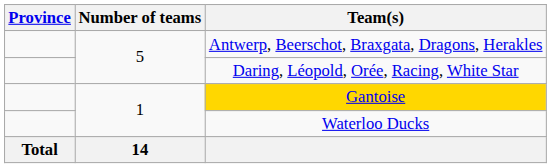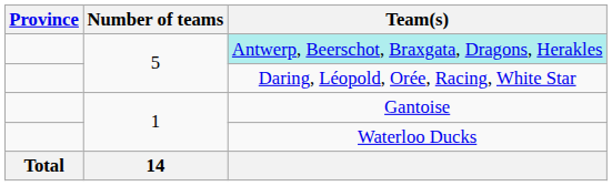 <table class="wikitable" style="text-align:center">
 <tr>
 <th><a href='#'>Province</a></th>
 <th>Number of teams</th>
 <th>Team(s)</th>
 </tr>
 <tr>
 <td align="left"></td>
 <td rowspan=2>5</td>
-<td><a href='#'>Antwerp</a>, <a href='#'>Beerschot</a>, <a href='#'>Braxgata</a>, <a href='#'>Dragons</a>, <a href='#'>Herakles</a></td>
+<td style="background: paleturquoise;"><a href='#'>Antwerp</a>, <a href='#'>Beerschot</a>, <a href='#'>Braxgata</a>, <a href='#'>Dragons</a>, <a href='#'>Herakles</a></td>
 </tr>
 <tr>
 <td align="left"></td>
 <td><a href='#'>Daring</a>, <a href='#'>Léopold</a>, <a href='#'>Orée</a>, <a href='#'>Racing</a>, <a href='#'>White Star</a></td>
 </tr>
 <tr>
 <td align="left"></td>
 <td rowspan=2>1</td>
-<td style="background: gold;"><a href='#'>Gantoise</a></td>
+<td><a href='#'>Gantoise</a></td>
 </tr>
 <tr>
 <td align=left></td>
 <td><a href='#'>Waterloo Ducks</a></td>
 </tr>
 <tr>
 <th>Total</th>
 <th>14</th>
 <th></th>
 </tr>
 </table>
